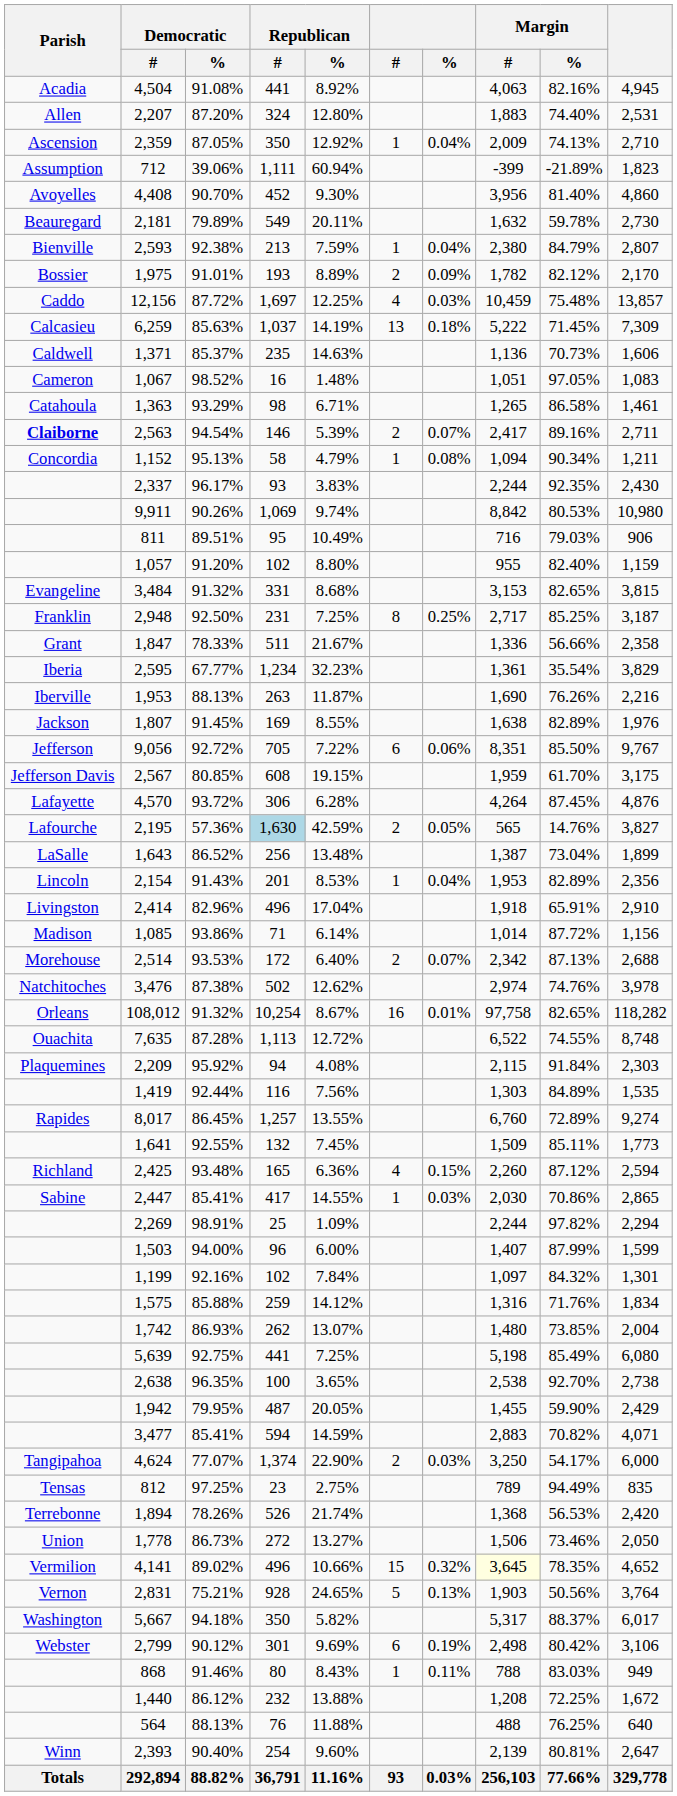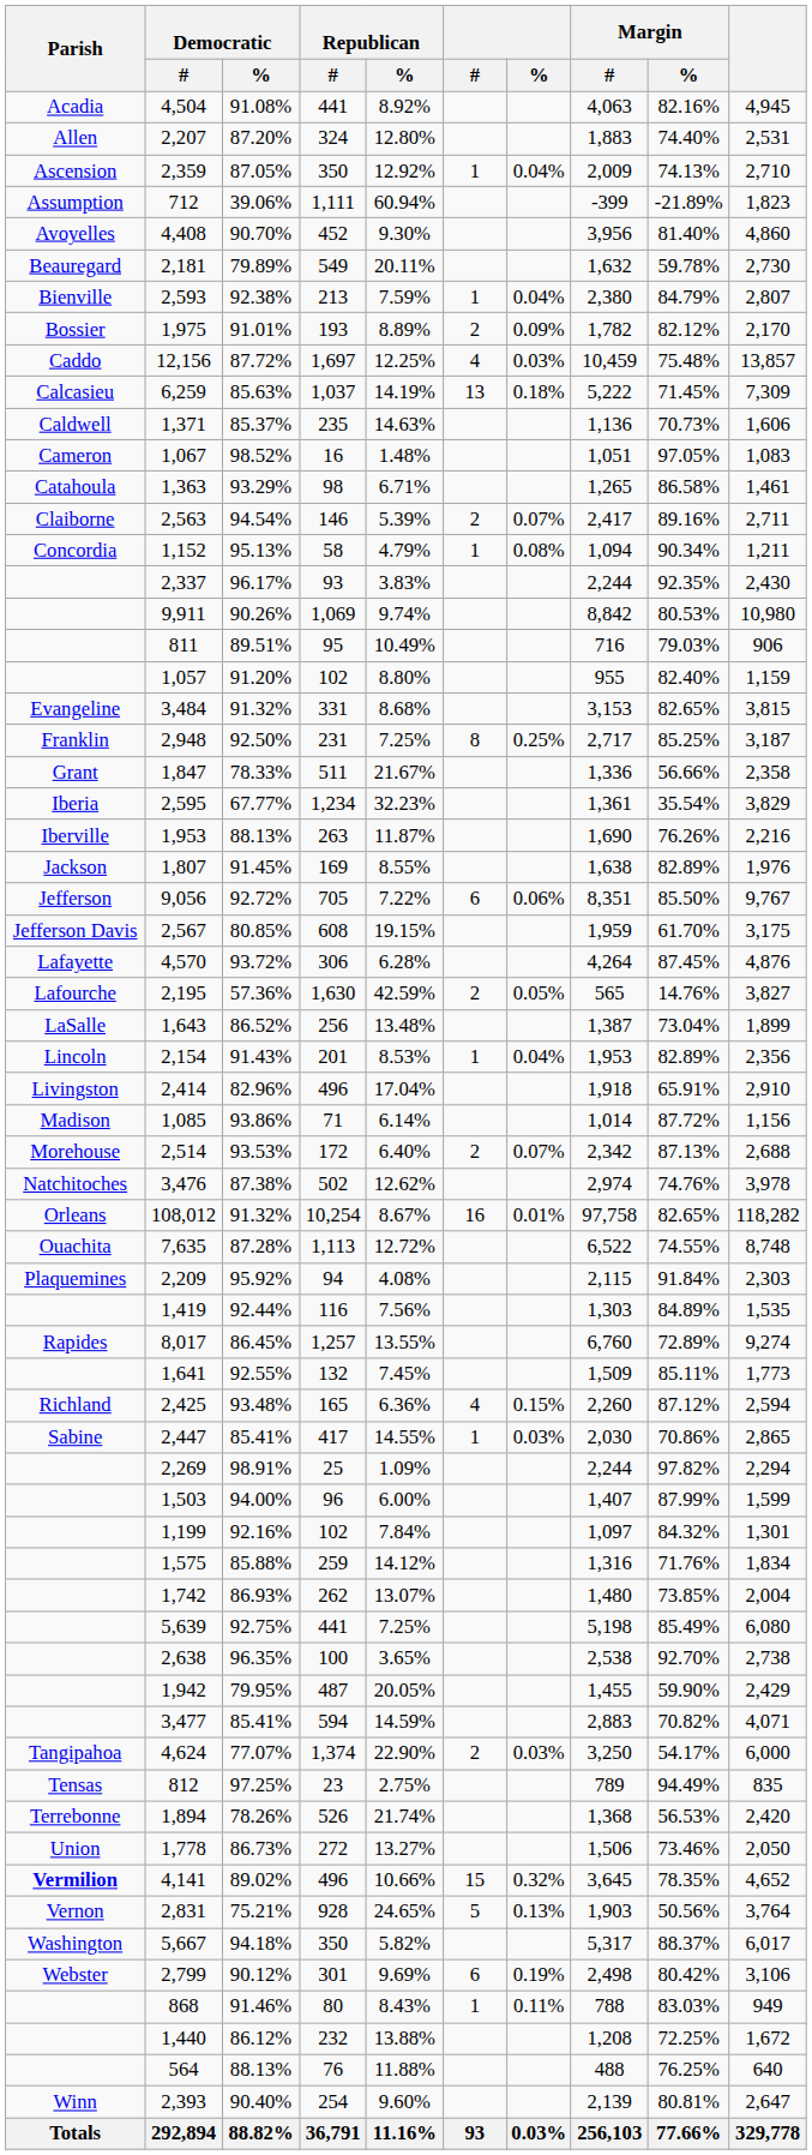 <table class="wikitable sortable mw-collapsible mw-collapsed">
 <tr>
 <th rowspan="2">Parish</th>
 <th colspan="2"><br>Democratic</th>
 <th colspan="2"><br>Republican</th>
 <th colspan="2"><br></th>
 <th colspan="2">Margin</th>
 <th rowspan="2"></th>
 </tr>
 <tr style="text-align:center;">
 <th data-sort-type="number">#</th>
 <th data-sort-type="number">%</th>
 <th data-sort-type="number">#</th>
 <th data-sort-type="number">%</th>
 <th width="8%" data-sort-type="number">#</th>
 <th width="8%" data-sort-type="number">%</th>
 <th data-sort-type="number">#</th>
 <th data-sort-type="number">%</th>
 </tr>
 <tr style="text-align:center;">
 <td><a href='#'>Acadia</a></td>
 <td>4,504</td>
 <td>91.08%</td>
 <td>441</td>
 <td>8.92%</td>
 <td></td>
 <td></td>
 <td>4,063</td>
 <td>82.16%</td>
 <td>4,945</td>
 </tr>
 <tr style="text-align:center;">
 <td><a href='#'>Allen</a></td>
 <td>2,207</td>
 <td>87.20%</td>
 <td>324</td>
 <td>12.80%</td>
 <td></td>
 <td></td>
 <td>1,883</td>
 <td>74.40%</td>
 <td>2,531</td>
 </tr>
 <tr style="text-align:center;">
 <td><a href='#'>Ascension</a></td>
 <td>2,359</td>
 <td>87.05%</td>
 <td>350</td>
 <td>12.92%</td>
 <td>1</td>
 <td>0.04%</td>
 <td>2,009</td>
 <td>74.13%</td>
 <td>2,710</td>
 </tr>
 <tr style="text-align:center;">
 <td><a href='#'>Assumption</a></td>
 <td>712</td>
 <td>39.06%</td>
 <td>1,111</td>
 <td>60.94%</td>
 <td></td>
 <td></td>
 <td>-399</td>
 <td>-21.89%</td>
 <td>1,823</td>
 </tr>
 <tr style="text-align:center;">
 <td><a href='#'>Avoyelles</a></td>
 <td>4,408</td>
 <td>90.70%</td>
 <td>452</td>
 <td>9.30%</td>
 <td></td>
 <td></td>
 <td>3,956</td>
 <td>81.40%</td>
 <td>4,860</td>
 </tr>
 <tr style="text-align:center;">
 <td><a href='#'>Beauregard</a></td>
 <td>2,181</td>
 <td>79.89%</td>
 <td>549</td>
 <td>20.11%</td>
 <td></td>
 <td></td>
 <td>1,632</td>
 <td>59.78%</td>
 <td>2,730</td>
 </tr>
 <tr style="text-align:center;">
 <td><a href='#'>Bienville</a></td>
 <td>2,593</td>
 <td>92.38%</td>
 <td>213</td>
 <td>7.59%</td>
 <td>1</td>
 <td>0.04%</td>
 <td>2,380</td>
 <td>84.79%</td>
 <td>2,807</td>
 </tr>
 <tr style="text-align:center;">
 <td><a href='#'>Bossier</a></td>
 <td>1,975</td>
 <td>91.01%</td>
 <td>193</td>
 <td>8.89%</td>
 <td>2</td>
 <td>0.09%</td>
 <td>1,782</td>
 <td>82.12%</td>
 <td>2,170</td>
 </tr>
 <tr style="text-align:center;">
 <td><a href='#'>Caddo</a></td>
 <td>12,156</td>
 <td>87.72%</td>
 <td>1,697</td>
 <td>12.25%</td>
 <td>4</td>
 <td>0.03%</td>
 <td>10,459</td>
 <td>75.48%</td>
 <td>13,857</td>
 </tr>
 <tr style="text-align:center;">
 <td><a href='#'>Calcasieu</a></td>
 <td>6,259</td>
 <td>85.63%</td>
 <td>1,037</td>
 <td>14.19%</td>
 <td>13</td>
 <td>0.18%</td>
 <td>5,222</td>
 <td>71.45%</td>
 <td>7,309</td>
 </tr>
 <tr style="text-align:center;">
 <td><a href='#'>Caldwell</a></td>
 <td>1,371</td>
 <td>85.37%</td>
 <td>235</td>
 <td>14.63%</td>
 <td></td>
 <td></td>
 <td>1,136</td>
 <td>70.73%</td>
 <td>1,606</td>
 </tr>
 <tr style="text-align:center;">
 <td><a href='#'>Cameron</a></td>
 <td>1,067</td>
 <td>98.52%</td>
 <td>16</td>
 <td>1.48%</td>
 <td></td>
 <td></td>
 <td>1,051</td>
 <td>97.05%</td>
 <td>1,083</td>
 </tr>
 <tr style="text-align:center;">
 <td><a href='#'>Catahoula</a></td>
 <td>1,363</td>
 <td>93.29%</td>
 <td>98</td>
 <td>6.71%</td>
 <td></td>
 <td></td>
 <td>1,265</td>
 <td>86.58%</td>
 <td>1,461</td>
 </tr>
 <tr style="text-align:center;">
-<td><strong><a href='#'>Claiborne</a></strong></td>
+<td><a href='#'>Claiborne</a></td>
 <td>2,563</td>
 <td>94.54%</td>
 <td>146</td>
 <td>5.39%</td>
 <td>2</td>
 <td>0.07%</td>
 <td>2,417</td>
 <td>89.16%</td>
 <td>2,711</td>
 </tr>
 <tr style="text-align:center;">
 <td><a href='#'>Concordia</a></td>
 <td>1,152</td>
 <td>95.13%</td>
 <td>58</td>
 <td>4.79%</td>
 <td>1</td>
 <td>0.08%</td>
 <td>1,094</td>
 <td>90.34%</td>
 <td>1,211</td>
 </tr>
 <tr style="text-align:center;">
 <td></td>
 <td>2,337</td>
 <td>96.17%</td>
 <td>93</td>
 <td>3.83%</td>
 <td></td>
 <td></td>
 <td>2,244</td>
 <td>92.35%</td>
 <td>2,430</td>
 </tr>
 <tr style="text-align:center;">
 <td></td>
 <td>9,911</td>
 <td>90.26%</td>
 <td>1,069</td>
 <td>9.74%</td>
 <td></td>
 <td></td>
 <td>8,842</td>
 <td>80.53%</td>
 <td>10,980</td>
 </tr>
 <tr style="text-align:center;">
 <td></td>
 <td>811</td>
 <td>89.51%</td>
 <td>95</td>
 <td>10.49%</td>
 <td></td>
 <td></td>
 <td>716</td>
 <td>79.03%</td>
 <td>906</td>
 </tr>
 <tr style="text-align:center;">
 <td></td>
 <td>1,057</td>
 <td>91.20%</td>
 <td>102</td>
 <td>8.80%</td>
 <td></td>
 <td></td>
 <td>955</td>
 <td>82.40%</td>
 <td>1,159</td>
 </tr>
 <tr style="text-align:center;">
 <td><a href='#'>Evangeline</a></td>
 <td>3,484</td>
 <td>91.32%</td>
 <td>331</td>
 <td>8.68%</td>
 <td></td>
 <td></td>
 <td>3,153</td>
 <td>82.65%</td>
 <td>3,815</td>
 </tr>
 <tr style="text-align:center;">
 <td><a href='#'>Franklin</a></td>
 <td>2,948</td>
 <td>92.50%</td>
 <td>231</td>
 <td>7.25%</td>
 <td>8</td>
 <td>0.25%</td>
 <td>2,717</td>
 <td>85.25%</td>
 <td>3,187</td>
 </tr>
 <tr style="text-align:center;">
 <td><a href='#'>Grant</a></td>
 <td>1,847</td>
 <td>78.33%</td>
 <td>511</td>
 <td>21.67%</td>
 <td></td>
 <td></td>
 <td>1,336</td>
 <td>56.66%</td>
 <td>2,358</td>
 </tr>
 <tr style="text-align:center;">
 <td><a href='#'>Iberia</a></td>
 <td>2,595</td>
 <td>67.77%</td>
 <td>1,234</td>
 <td>32.23%</td>
 <td></td>
 <td></td>
 <td>1,361</td>
 <td>35.54%</td>
 <td>3,829</td>
 </tr>
 <tr style="text-align:center;">
 <td><a href='#'>Iberville</a></td>
 <td>1,953</td>
 <td>88.13%</td>
 <td>263</td>
 <td>11.87%</td>
 <td></td>
 <td></td>
 <td>1,690</td>
 <td>76.26%</td>
 <td>2,216</td>
 </tr>
 <tr style="text-align:center;">
 <td><a href='#'>Jackson</a></td>
 <td>1,807</td>
 <td>91.45%</td>
 <td>169</td>
 <td>8.55%</td>
 <td></td>
 <td></td>
 <td>1,638</td>
 <td>82.89%</td>
 <td>1,976</td>
 </tr>
 <tr style="text-align:center;">
 <td><a href='#'>Jefferson</a></td>
 <td>9,056</td>
 <td>92.72%</td>
 <td>705</td>
 <td>7.22%</td>
 <td>6</td>
 <td>0.06%</td>
 <td>8,351</td>
 <td>85.50%</td>
 <td>9,767</td>
 </tr>
 <tr style="text-align:center;">
 <td><a href='#'>Jefferson Davis</a></td>
 <td>2,567</td>
 <td>80.85%</td>
 <td>608</td>
 <td>19.15%</td>
 <td></td>
 <td></td>
 <td>1,959</td>
 <td>61.70%</td>
 <td>3,175</td>
 </tr>
 <tr style="text-align:center;">
 <td><a href='#'>Lafayette</a></td>
 <td>4,570</td>
 <td>93.72%</td>
 <td>306</td>
 <td>6.28%</td>
 <td></td>
 <td></td>
 <td>4,264</td>
 <td>87.45%</td>
 <td>4,876</td>
 </tr>
 <tr style="text-align:center;">
 <td><a href='#'>Lafourche</a></td>
 <td>2,195</td>
 <td>57.36%</td>
-<td style="background: lightblue;">1,630</td>
+<td>1,630</td>
 <td>42.59%</td>
 <td>2</td>
 <td>0.05%</td>
 <td>565</td>
 <td>14.76%</td>
 <td>3,827</td>
 </tr>
 <tr style="text-align:center;">
 <td><a href='#'>LaSalle</a></td>
 <td>1,643</td>
 <td>86.52%</td>
 <td>256</td>
 <td>13.48%</td>
 <td></td>
 <td></td>
 <td>1,387</td>
 <td>73.04%</td>
 <td>1,899</td>
 </tr>
 <tr style="text-align:center;">
 <td><a href='#'>Lincoln</a></td>
 <td>2,154</td>
 <td>91.43%</td>
 <td>201</td>
 <td>8.53%</td>
 <td>1</td>
 <td>0.04%</td>
 <td>1,953</td>
 <td>82.89%</td>
 <td>2,356</td>
 </tr>
 <tr style="text-align:center;">
 <td><a href='#'>Livingston</a></td>
 <td>2,414</td>
 <td>82.96%</td>
 <td>496</td>
 <td>17.04%</td>
 <td></td>
 <td></td>
 <td>1,918</td>
 <td>65.91%</td>
 <td>2,910</td>
 </tr>
 <tr style="text-align:center;">
 <td><a href='#'>Madison</a></td>
 <td>1,085</td>
 <td>93.86%</td>
 <td>71</td>
 <td>6.14%</td>
 <td></td>
 <td></td>
 <td>1,014</td>
 <td>87.72%</td>
 <td>1,156</td>
 </tr>
 <tr style="text-align:center;">
 <td><a href='#'>Morehouse</a></td>
 <td>2,514</td>
 <td>93.53%</td>
 <td>172</td>
 <td>6.40%</td>
 <td>2</td>
 <td>0.07%</td>
 <td>2,342</td>
 <td>87.13%</td>
 <td>2,688</td>
 </tr>
 <tr style="text-align:center;">
 <td><a href='#'>Natchitoches</a></td>
 <td>3,476</td>
 <td>87.38%</td>
 <td>502</td>
 <td>12.62%</td>
 <td></td>
 <td></td>
 <td>2,974</td>
 <td>74.76%</td>
 <td>3,978</td>
 </tr>
 <tr style="text-align:center;">
 <td><a href='#'>Orleans</a></td>
 <td>108,012</td>
 <td>91.32%</td>
 <td>10,254</td>
 <td>8.67%</td>
 <td>16</td>
 <td>0.01%</td>
 <td>97,758</td>
 <td>82.65%</td>
 <td>118,282</td>
 </tr>
 <tr style="text-align:center;">
 <td><a href='#'>Ouachita</a></td>
 <td>7,635</td>
 <td>87.28%</td>
 <td>1,113</td>
 <td>12.72%</td>
 <td></td>
 <td></td>
 <td>6,522</td>
 <td>74.55%</td>
 <td>8,748</td>
 </tr>
 <tr style="text-align:center;">
 <td><a href='#'>Plaquemines</a></td>
 <td>2,209</td>
 <td>95.92%</td>
 <td>94</td>
 <td>4.08%</td>
 <td></td>
 <td></td>
 <td>2,115</td>
 <td>91.84%</td>
 <td>2,303</td>
 </tr>
 <tr style="text-align:center;">
 <td></td>
 <td>1,419</td>
 <td>92.44%</td>
 <td>116</td>
 <td>7.56%</td>
 <td></td>
 <td></td>
 <td>1,303</td>
 <td>84.89%</td>
 <td>1,535</td>
 </tr>
 <tr style="text-align:center;">
 <td><a href='#'>Rapides</a></td>
 <td>8,017</td>
 <td>86.45%</td>
 <td>1,257</td>
 <td>13.55%</td>
 <td></td>
 <td></td>
 <td>6,760</td>
 <td>72.89%</td>
 <td>9,274</td>
 </tr>
 <tr style="text-align:center;">
 <td></td>
 <td>1,641</td>
 <td>92.55%</td>
 <td>132</td>
 <td>7.45%</td>
 <td></td>
 <td></td>
 <td>1,509</td>
 <td>85.11%</td>
 <td>1,773</td>
 </tr>
 <tr style="text-align:center;">
 <td><a href='#'>Richland</a></td>
 <td>2,425</td>
 <td>93.48%</td>
 <td>165</td>
 <td>6.36%</td>
 <td>4</td>
 <td>0.15%</td>
 <td>2,260</td>
 <td>87.12%</td>
 <td>2,594</td>
 </tr>
 <tr style="text-align:center;">
 <td><a href='#'>Sabine</a></td>
 <td>2,447</td>
 <td>85.41%</td>
 <td>417</td>
 <td>14.55%</td>
 <td>1</td>
 <td>0.03%</td>
 <td>2,030</td>
 <td>70.86%</td>
 <td>2,865</td>
 </tr>
 <tr style="text-align:center;">
 <td></td>
 <td>2,269</td>
 <td>98.91%</td>
 <td>25</td>
 <td>1.09%</td>
 <td></td>
 <td></td>
 <td>2,244</td>
 <td>97.82%</td>
 <td>2,294</td>
 </tr>
 <tr style="text-align:center;">
 <td></td>
 <td>1,503</td>
 <td>94.00%</td>
 <td>96</td>
 <td>6.00%</td>
 <td></td>
 <td></td>
 <td>1,407</td>
 <td>87.99%</td>
 <td>1,599</td>
 </tr>
 <tr style="text-align:center;">
 <td></td>
 <td>1,199</td>
 <td>92.16%</td>
 <td>102</td>
 <td>7.84%</td>
 <td></td>
 <td></td>
 <td>1,097</td>
 <td>84.32%</td>
 <td>1,301</td>
 </tr>
 <tr style="text-align:center;">
 <td></td>
 <td>1,575</td>
 <td>85.88%</td>
 <td>259</td>
 <td>14.12%</td>
 <td></td>
 <td></td>
 <td>1,316</td>
 <td>71.76%</td>
 <td>1,834</td>
 </tr>
 <tr style="text-align:center;">
 <td></td>
 <td>1,742</td>
 <td>86.93%</td>
 <td>262</td>
 <td>13.07%</td>
 <td></td>
 <td></td>
 <td>1,480</td>
 <td>73.85%</td>
 <td>2,004</td>
 </tr>
 <tr style="text-align:center;">
 <td></td>
 <td>5,639</td>
 <td>92.75%</td>
 <td>441</td>
 <td>7.25%</td>
 <td></td>
 <td></td>
 <td>5,198</td>
 <td>85.49%</td>
 <td>6,080</td>
 </tr>
 <tr style="text-align:center;">
 <td></td>
 <td>2,638</td>
 <td>96.35%</td>
 <td>100</td>
 <td>3.65%</td>
 <td></td>
 <td></td>
 <td>2,538</td>
 <td>92.70%</td>
 <td>2,738</td>
 </tr>
 <tr style="text-align:center;">
 <td></td>
 <td>1,942</td>
 <td>79.95%</td>
 <td>487</td>
 <td>20.05%</td>
 <td></td>
 <td></td>
 <td>1,455</td>
 <td>59.90%</td>
 <td>2,429</td>
 </tr>
 <tr style="text-align:center;">
 <td></td>
 <td>3,477</td>
 <td>85.41%</td>
 <td>594</td>
 <td>14.59%</td>
 <td></td>
 <td></td>
 <td>2,883</td>
 <td>70.82%</td>
 <td>4,071</td>
 </tr>
 <tr style="text-align:center;">
 <td><a href='#'>Tangipahoa</a></td>
 <td>4,624</td>
 <td>77.07%</td>
 <td>1,374</td>
 <td>22.90%</td>
 <td>2</td>
 <td>0.03%</td>
 <td>3,250</td>
 <td>54.17%</td>
 <td>6,000</td>
 </tr>
 <tr style="text-align:center;">
 <td><a href='#'>Tensas</a></td>
 <td>812</td>
 <td>97.25%</td>
 <td>23</td>
 <td>2.75%</td>
 <td></td>
 <td></td>
 <td>789</td>
 <td>94.49%</td>
 <td>835</td>
 </tr>
 <tr style="text-align:center;">
 <td><a href='#'>Terrebonne</a></td>
 <td>1,894</td>
 <td>78.26%</td>
 <td>526</td>
 <td>21.74%</td>
 <td></td>
 <td></td>
 <td>1,368</td>
 <td>56.53%</td>
 <td>2,420</td>
 </tr>
 <tr style="text-align:center;">
 <td><a href='#'>Union</a></td>
 <td>1,778</td>
 <td>86.73%</td>
 <td>272</td>
 <td>13.27%</td>
 <td></td>
 <td></td>
 <td>1,506</td>
 <td>73.46%</td>
 <td>2,050</td>
 </tr>
 <tr style="text-align:center;">
-<td><a href='#'>Vermilion</a></td>
+<td><strong><a href='#'>Vermilion</a></strong></td>
 <td>4,141</td>
 <td>89.02%</td>
 <td>496</td>
 <td>10.66%</td>
 <td>15</td>
 <td>0.32%</td>
-<td style="background: lightyellow;">3,645</td>
+<td>3,645</td>
 <td>78.35%</td>
 <td>4,652</td>
 </tr>
 <tr style="text-align:center;">
 <td><a href='#'>Vernon</a></td>
 <td>2,831</td>
 <td>75.21%</td>
 <td>928</td>
 <td>24.65%</td>
 <td>5</td>
 <td>0.13%</td>
 <td>1,903</td>
 <td>50.56%</td>
 <td>3,764</td>
 </tr>
 <tr style="text-align:center;">
 <td><a href='#'>Washington</a></td>
 <td>5,667</td>
 <td>94.18%</td>
 <td>350</td>
 <td>5.82%</td>
 <td></td>
 <td></td>
 <td>5,317</td>
 <td>88.37%</td>
 <td>6,017</td>
 </tr>
 <tr style="text-align:center;">
 <td><a href='#'>Webster</a></td>
 <td>2,799</td>
 <td>90.12%</td>
 <td>301</td>
 <td>9.69%</td>
 <td>6</td>
 <td>0.19%</td>
 <td>2,498</td>
 <td>80.42%</td>
 <td>3,106</td>
 </tr>
 <tr style="text-align:center;">
 <td></td>
 <td>868</td>
 <td>91.46%</td>
 <td>80</td>
 <td>8.43%</td>
 <td>1</td>
 <td>0.11%</td>
 <td>788</td>
 <td>83.03%</td>
 <td>949</td>
 </tr>
 <tr style="text-align:center;">
 <td></td>
 <td>1,440</td>
 <td>86.12%</td>
 <td>232</td>
 <td>13.88%</td>
 <td></td>
 <td></td>
 <td>1,208</td>
 <td>72.25%</td>
 <td>1,672</td>
 </tr>
 <tr style="text-align:center;">
 <td></td>
 <td>564</td>
 <td>88.13%</td>
 <td>76</td>
 <td>11.88%</td>
 <td></td>
 <td></td>
 <td>488</td>
 <td>76.25%</td>
 <td>640</td>
 </tr>
 <tr style="text-align:center;">
 <td><a href='#'>Winn</a></td>
 <td>2,393</td>
 <td>90.40%</td>
 <td>254</td>
 <td>9.60%</td>
 <td></td>
 <td></td>
 <td>2,139</td>
 <td>80.81%</td>
 <td>2,647</td>
 </tr>
 <tr style="text-align:center;">
 <th>Totals</th>
 <th>292,894</th>
 <th>88.82%</th>
 <th>36,791</th>
 <th>11.16%</th>
 <th>93</th>
 <th>0.03%</th>
 <th>256,103</th>
 <th>77.66%</th>
 <th>329,778</th>
 </tr>
 </table>
